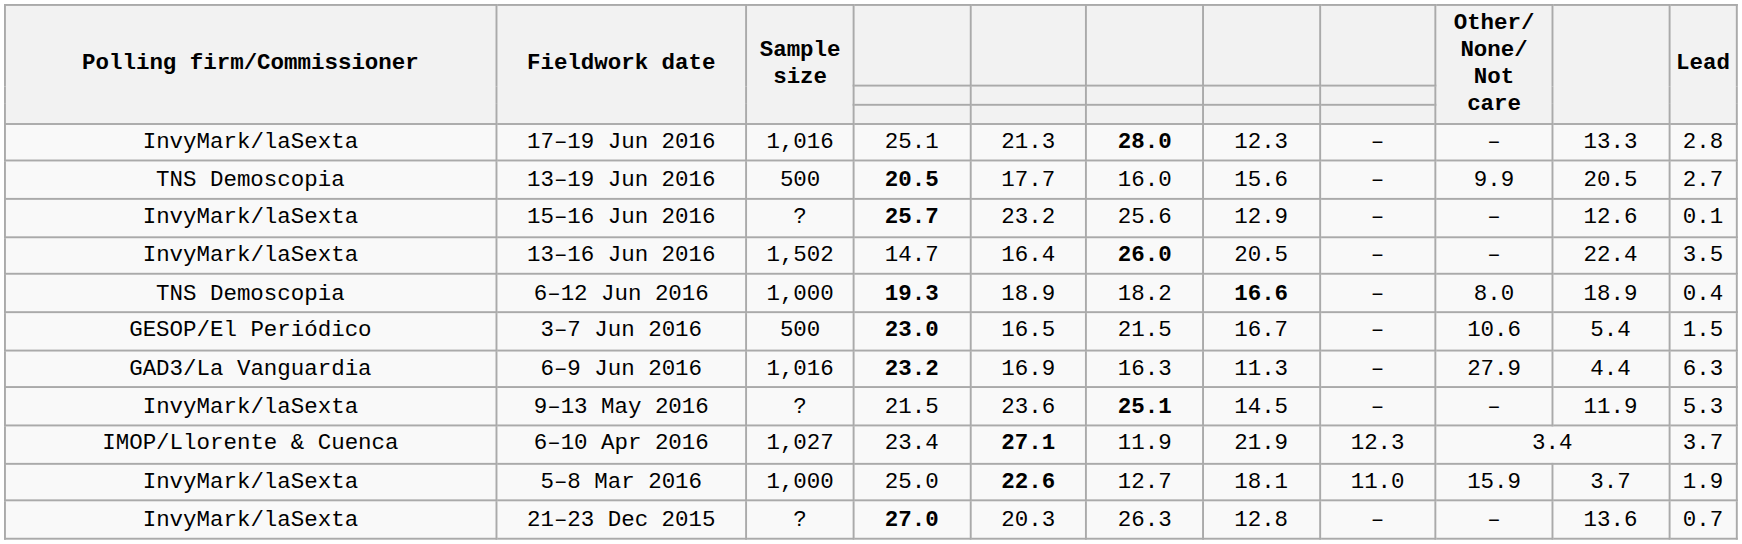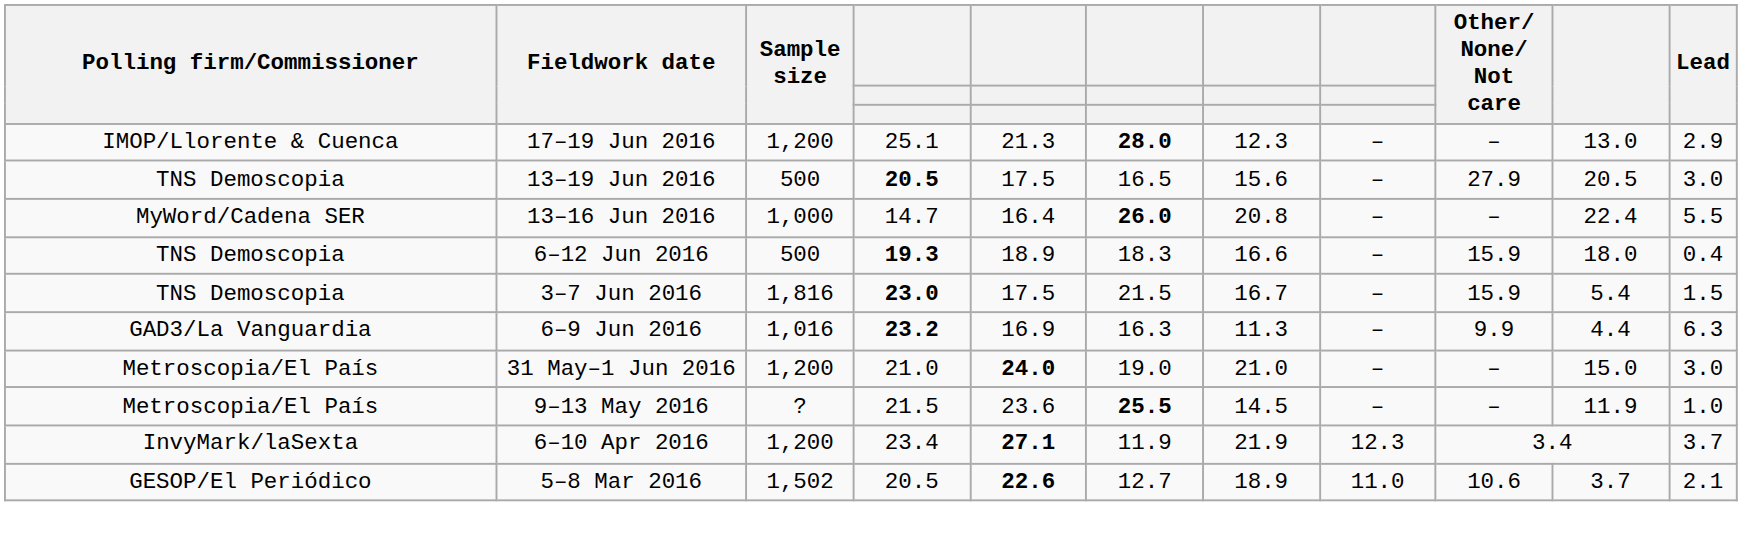 <table class="wikitable collapsible collapsed" style="text-align:center; font-size:90%; line-height:14px;">
 <tr style="height:42px;">
 <th style="width:250px;" rowspan="3">Polling firm/Commissioner</th>
 <th style="width:125px;" rowspan="3">Fieldwork date</th>
 <th style="width:50px;" rowspan="3">Sample size</th>
 <th style="width:55px;"></th>
 <th style="width:55px;"></th>
 <th style="width:55px;"></th>
 <th style="width:55px;"></th>
 <th style="width:55px;"></th>
 <th style="width:55px;" rowspan="3">Other/<br>None/<br>Not<br>care</th>
 <th style="width:55px;" rowspan="3"></th>
 <th style="width:30px;" rowspan="3">Lead</th>
 </tr>
 <tr>
 <th style="color:inherit;background:"></th>
 <th style="color:inherit;background:"></th>
 <th style="color:inherit;background:"></th>
 <th style="color:inherit;background:"></th>
 <th style="color:inherit;background:"></th>
 </tr>
 <tr>
 <th></th>
 <th></th>
 <th></th>
 <th></th>
 <th></th>
 </tr>
 <tr>
-<td>InvyMark/laSexta</td>
+<td>IMOP/Llorente & Cuenca</td>
 <td>17–19 Jun 2016</td>
-<td>1,016</td>
+<td>1,200</td>
 <td>25.1</td>
 <td>21.3</td>
 <td><strong>28.0</strong></td>
 <td>12.3</td>
 <td>–</td>
 <td>–</td>
-<td>13.3</td>
-<td style="background:">2.8</td>
+<td>13.0</td>
+<td style="background:">2.9</td>
 </tr>
 <tr>
 <td>TNS Demoscopia</td>
 <td>13–19 Jun 2016</td>
 <td>500</td>
 <td><strong>20.5</strong></td>
-<td>17.7</td>
-<td>16.0</td>
+<td>17.5</td>
+<td>16.5</td>
 <td>15.6</td>
 <td>–</td>
-<td>9.9</td>
+<td>27.9</td>
 <td>20.5</td>
-<td style="background:">2.7</td>
+<td style="background:">3.0</td>
 </tr>
 <tr>
-<td>InvyMark/laSexta</td>
-<td>15–16 Jun 2016</td>
-<td>?</td>
-<td><strong>25.7</strong></td>
-<td>23.2</td>
-<td>25.6</td>
-<td>12.9</td>
-<td>–</td>
-<td>–</td>
-<td>12.6</td>
-<td style="background:">0.1</td>
-</tr>
-<tr>
-<td>InvyMark/laSexta</td>
+<td>MyWord/Cadena SER</td>
 <td>13–16 Jun 2016</td>
-<td>1,502</td>
+<td>1,000</td>
 <td>14.7</td>
 <td>16.4</td>
 <td><strong>26.0</strong></td>
-<td>20.5</td>
+<td>20.8</td>
 <td>–</td>
 <td>–</td>
 <td>22.4</td>
-<td style="background:">3.5</td>
+<td style="background:">5.5</td>
 </tr>
 <tr>
 <td>TNS Demoscopia</td>
 <td>6–12 Jun 2016</td>
-<td>1,000</td>
+<td>500</td>
 <td><strong>19.3</strong></td>
 <td>18.9</td>
-<td>18.2</td>
-<td><strong>16.6</strong></td>
+<td>18.3</td>
+<td>16.6</td>
 <td>–</td>
-<td>8.0</td>
-<td>18.9</td>
+<td>15.9</td>
+<td>18.0</td>
 <td style="background:">0.4</td>
 </tr>
 <tr>
-<td>GESOP/El Periódico</td>
+<td>TNS Demoscopia</td>
 <td>3–7 Jun 2016</td>
-<td>500</td>
+<td>1,816</td>
 <td><strong>23.0</strong></td>
-<td>16.5</td>
+<td>17.5</td>
 <td>21.5</td>
 <td>16.7</td>
 <td>–</td>
-<td>10.6</td>
+<td>15.9</td>
 <td>5.4</td>
 <td style="background:">1.5</td>
 </tr>
 <tr>
 <td>GAD3/La Vanguardia</td>
 <td>6–9 Jun 2016</td>
 <td>1,016</td>
 <td><strong>23.2</strong></td>
 <td>16.9</td>
 <td>16.3</td>
 <td>11.3</td>
 <td>–</td>
-<td>27.9</td>
+<td>9.9</td>
 <td>4.4</td>
 <td style="background:">6.3</td>
 </tr>
 <tr>
-<td>InvyMark/laSexta</td>
+<td>Metroscopia/El País</td>
+<td>31 May–1 Jun 2016</td>
+<td>1,200</td>
+<td>21.0</td>
+<td><strong>24.0</strong></td>
+<td>19.0</td>
+<td>21.0</td>
+<td>–</td>
+<td>–</td>
+<td>15.0</td>
+<td style="background:">3.0</td>
+</tr>
+<tr>
+<td>Metroscopia/El País</td>
 <td>9–13 May 2016</td>
 <td>?</td>
 <td>21.5</td>
 <td>23.6</td>
-<td><strong>25.1</strong></td>
+<td><strong>25.5</strong></td>
 <td>14.5</td>
 <td>–</td>
 <td>–</td>
 <td>11.9</td>
-<td style="background:">5.3</td>
+<td style="background:">1.0</td>
 </tr>
 <tr>
-<td>IMOP/Llorente & Cuenca</td>
+<td>InvyMark/laSexta</td>
 <td>6–10 Apr 2016</td>
-<td>1,027</td>
+<td>1,200</td>
 <td>23.4</td>
 <td><strong>27.1</strong></td>
 <td>11.9</td>
 <td>21.9</td>
 <td>12.3</td>
 <td colspan="2">3.4</td>
 <td style="background:">3.7</td>
 </tr>
 <tr>
-<td>InvyMark/laSexta</td>
+<td>GESOP/El Periódico</td>
 <td>5–8 Mar 2016</td>
-<td>1,000</td>
-<td>25.0</td>
+<td>1,502</td>
+<td>20.5</td>
 <td><strong>22.6</strong></td>
 <td>12.7</td>
-<td>18.1</td>
+<td>18.9</td>
 <td>11.0</td>
-<td>15.9</td>
+<td>10.6</td>
 <td>3.7</td>
-<td style="background:">1.9</td>
-</tr>
-<tr>
-<td>InvyMark/laSexta</td>
-<td>21–23 Dec 2015</td>
-<td>?</td>
-<td><strong>27.0</strong></td>
-<td>20.3</td>
-<td>26.3</td>
-<td>12.8</td>
-<td>–</td>
-<td>–</td>
-<td>13.6</td>
-<td style="background:">0.7</td>
+<td style="background:">2.1</td>
 </tr>
 </table>
